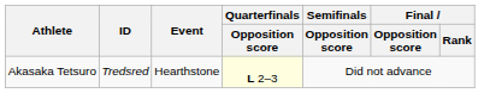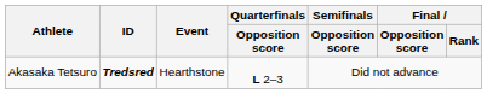 <table class=wikitable style="font-size:90%; text-align:center;">
 <tr>
 <th rowspan=2>Athlete</th>
 <th rowspan=2>ID</th>
 <th rowspan=2>Event</th>
 <th>Quarterfinals</th>
 <th>Semifinals</th>
 <th colspan=2>Final / </th>
 </tr>
 <tr>
 <th>Opposition<br> score</th>
 <th>Opposition<br> score</th>
 <th>Opposition<br> score</th>
 <th>Rank</th>
 </tr>
 <tr>
 <td style="text-align:left">Akasaka Tetsuro</td>
-<td style="text-align:left"><em>Tredsred</em></td>
+<td style="text-align:left"><strong><em>Tredsred</em></strong></td>
 <td style="text-align:left">Hearthstone</td>
-<td style="background: lightyellow;"><br><strong>L</strong> 2–3</td>
+<td><br><strong>L</strong> 2–3</td>
 <td colspan=3>Did not advance</td>
 </tr>
 </table>
